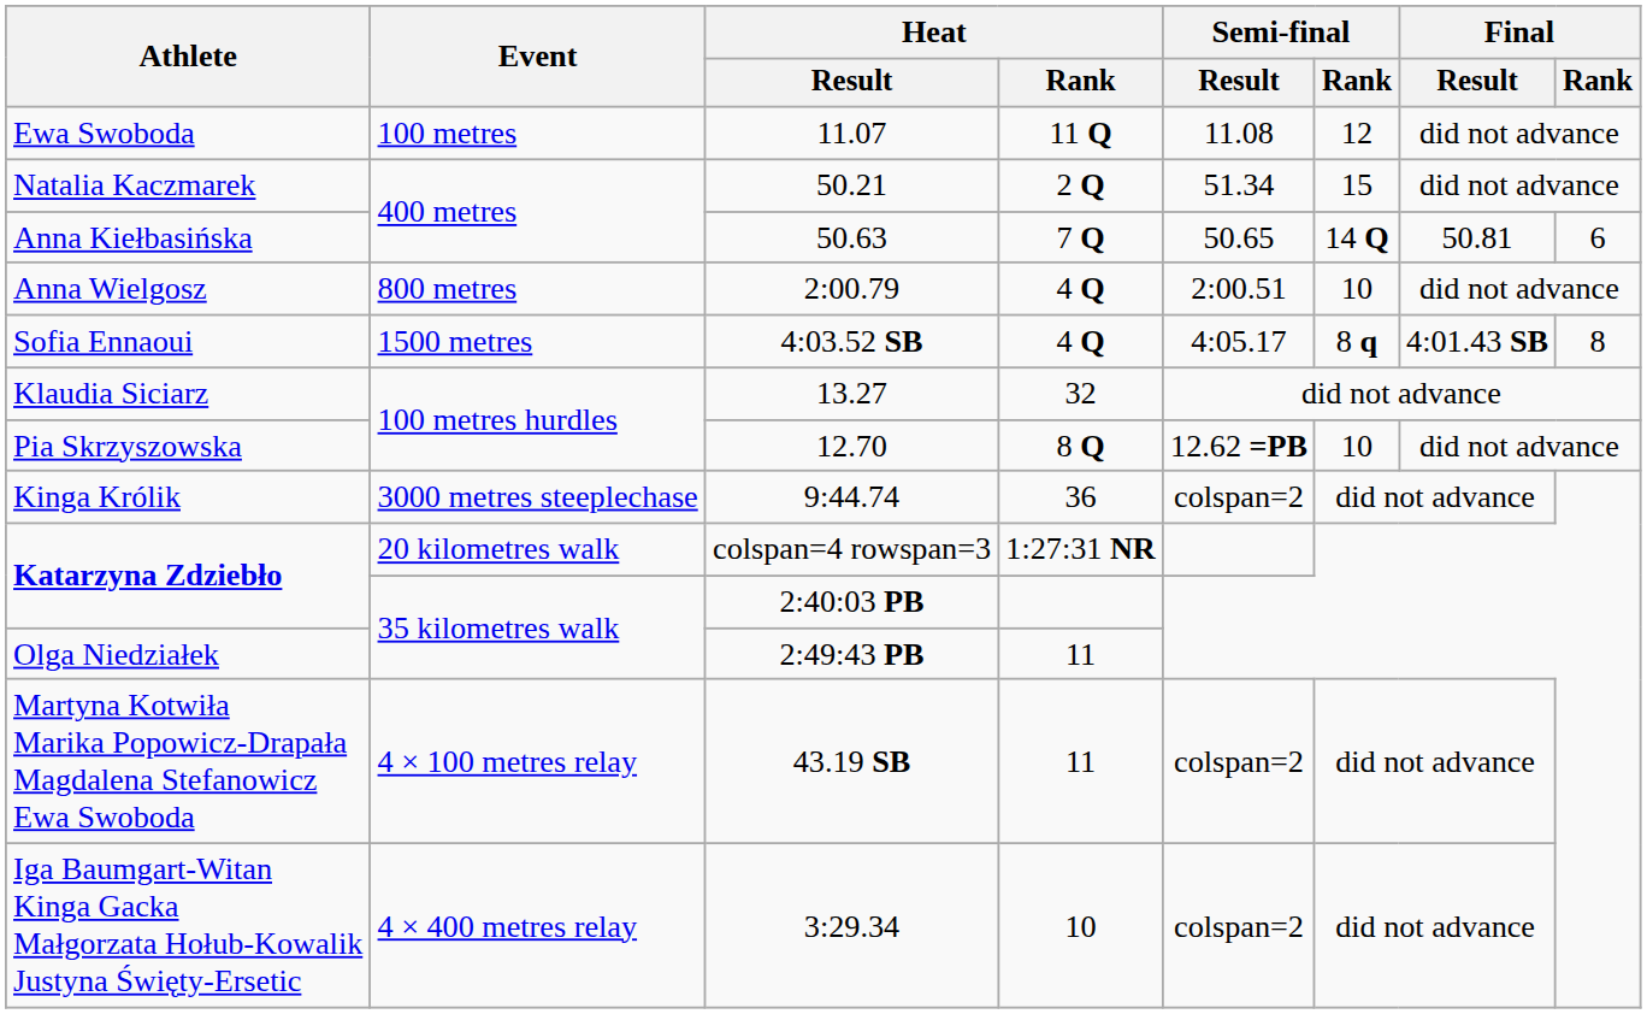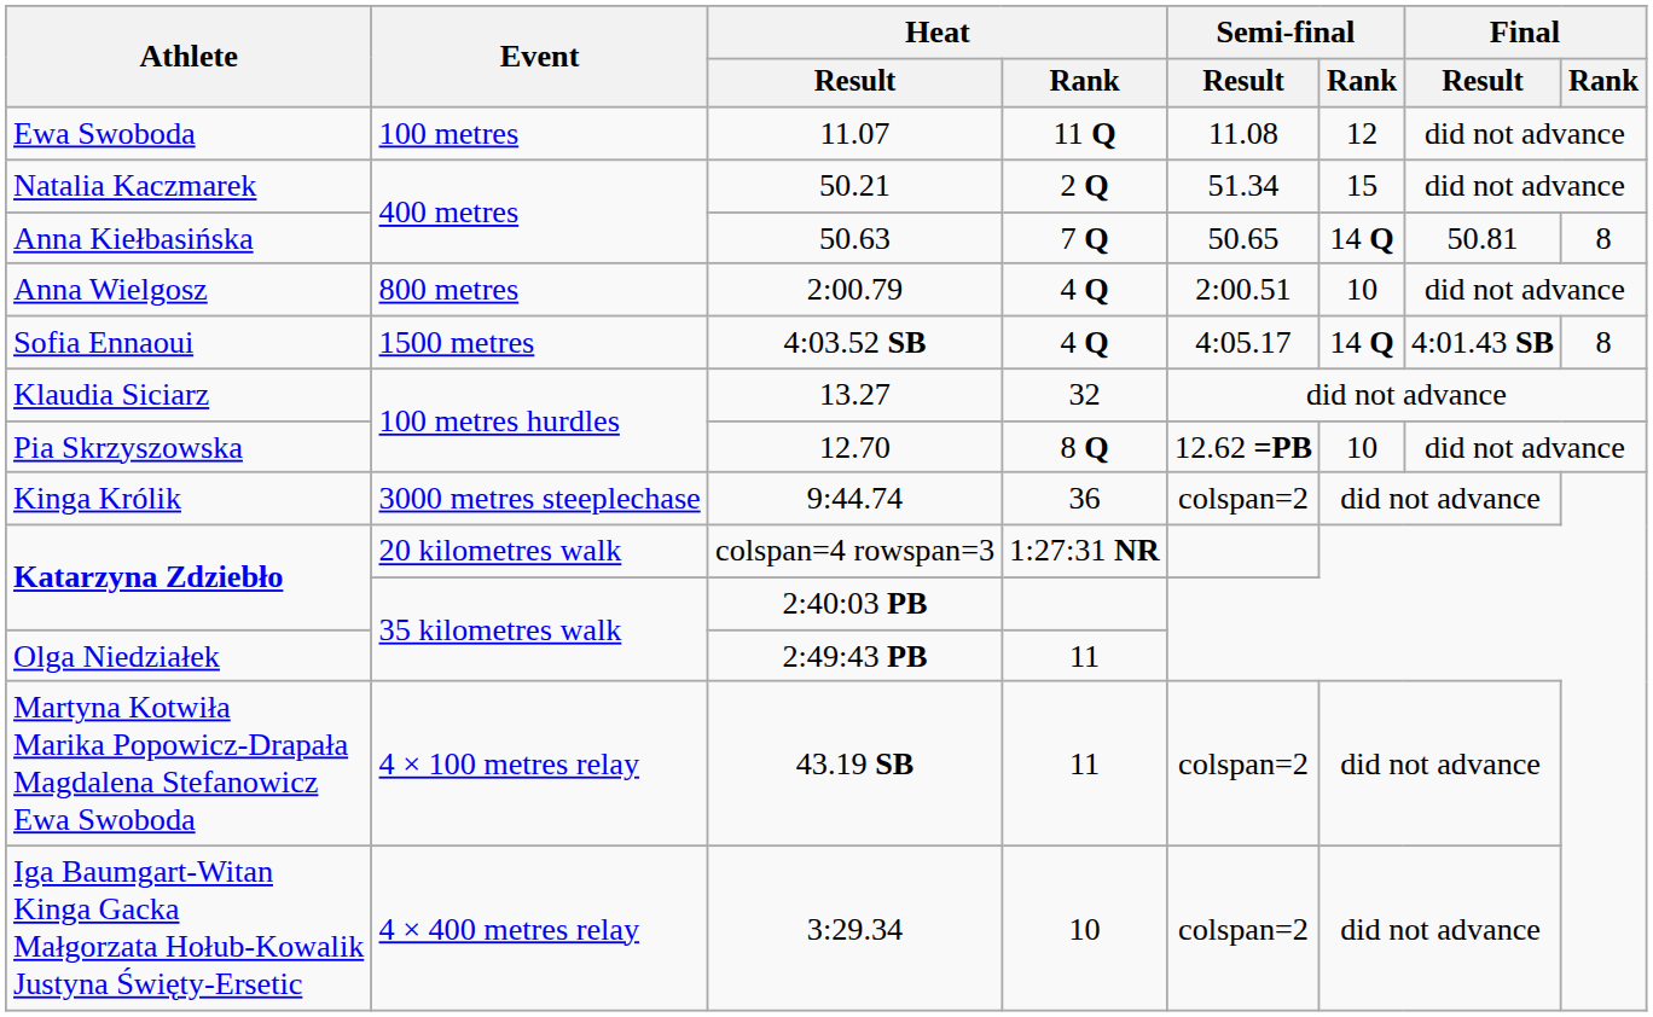 <table class="wikitable" style="text-align:center; font-size:90%">
 <tr>
 <th rowspan="2">Athlete</th>
 <th rowspan="2">Event</th>
 <th colspan="2">Heat</th>
 <th colspan="2">Semi-final</th>
 <th colspan="2">Final</th>
 </tr>
 <tr style="font-size:95%">
 <th>Result</th>
 <th>Rank</th>
 <th>Result</th>
 <th>Rank</th>
 <th>Result</th>
 <th>Rank</th>
 </tr>
 <tr>
 <td style="text-align:left"><a href='#'>Ewa Swoboda</a></td>
 <td style="text-align:left"><a href='#'>100 metres</a></td>
 <td>11.07</td>
 <td>11 <strong>Q</strong></td>
 <td>11.08</td>
 <td>12</td>
 <td colspan=2>did not advance</td>
 </tr>
 <tr>
 <td style="text-align:left"><a href='#'>Natalia Kaczmarek</a></td>
 <td rowspan=2 style="text-align:left"><a href='#'>400 metres</a></td>
 <td>50.21</td>
 <td>2 <strong>Q</strong></td>
 <td>51.34</td>
 <td>15</td>
 <td colspan=2>did not advance</td>
 </tr>
 <tr>
 <td style="text-align:left"><a href='#'>Anna Kiełbasińska</a></td>
 <td>50.63</td>
 <td>7 <strong>Q</strong></td>
 <td>50.65</td>
 <td>14 <strong>Q</strong></td>
 <td>50.81</td>
-<td>6</td>
+<td>8</td>
 </tr>
 <tr>
 <td style="text-align:left"><a href='#'>Anna Wielgosz</a></td>
 <td style="text-align:left"><a href='#'>800 metres</a></td>
 <td>2:00.79</td>
 <td>4 <strong>Q</strong></td>
 <td>2:00.51</td>
 <td>10</td>
 <td colspan=2>did not advance</td>
 </tr>
 <tr>
 <td style="text-align:left"><a href='#'>Sofia Ennaoui</a></td>
 <td style="text-align:left"><a href='#'>1500 metres</a></td>
 <td>4:03.52 <strong>SB</strong></td>
 <td>4 <strong>Q</strong></td>
 <td>4:05.17</td>
-<td>8 <strong>q</strong></td>
+<td>14 <strong>Q</strong></td>
 <td>4:01.43 <strong>SB</strong></td>
 <td>8</td>
 </tr>
 <tr>
 <td style="text-align:left"><a href='#'>Klaudia Siciarz</a></td>
 <td rowspan=2 style="text-align:left"><a href='#'>100 metres hurdles</a></td>
 <td>13.27</td>
 <td>32</td>
 <td colspan=4>did not advance</td>
 </tr>
 <tr>
 <td style="text-align:left"><a href='#'>Pia Skrzyszowska</a></td>
 <td>12.70</td>
 <td>8 <strong>Q</strong></td>
 <td>12.62 <strong>=PB</strong></td>
 <td>10</td>
 <td colspan=2>did not advance</td>
 </tr>
 <tr>
 <td style="text-align:left"><a href='#'>Kinga Królik</a></td>
 <td style="text-align:left"><a href='#'>3000 metres steeplechase</a></td>
 <td>9:44.74</td>
 <td>36</td>
 <td>colspan=2 </td>
 <td colspan=2>did not advance</td>
 </tr>
 <tr>
 <td rowspan=2 style="text-align:left"><strong><a href='#'>Katarzyna Zdziebło</a></strong></td>
 <td style="text-align:left"><a href='#'>20 kilometres walk</a></td>
 <td>colspan=4 rowspan=3 </td>
 <td>1:27:31 <strong>NR</strong></td>
 <td></td>
 </tr>
 <tr>
 <td rowspan=2 style="text-align:left"><a href='#'>35 kilometres walk</a></td>
 <td>2:40:03 <strong>PB</strong></td>
 <td></td>
 </tr>
 <tr>
 <td style="text-align:left"><a href='#'>Olga Niedziałek</a></td>
 <td>2:49:43 <strong>PB</strong></td>
 <td>11</td>
 </tr>
 <tr>
 <td style="text-align:left"><a href='#'>Martyna Kotwiła</a><br><a href='#'>Marika Popowicz-Drapała</a><br><a href='#'>Magdalena Stefanowicz</a><br><a href='#'>Ewa Swoboda</a></td>
 <td style="text-align:left"><a href='#'>4 × 100 metres relay</a></td>
 <td>43.19 <strong>SB</strong></td>
 <td>11</td>
 <td>colspan=2 </td>
 <td colspan=2>did not advance</td>
 </tr>
 <tr>
 <td style="text-align:left"><a href='#'>Iga Baumgart-Witan</a><br><a href='#'>Kinga Gacka</a><br><a href='#'>Małgorzata Hołub-Kowalik</a><br><a href='#'>Justyna Święty-Ersetic</a></td>
 <td style="text-align:left"><a href='#'>4 × 400 metres relay</a></td>
 <td>3:29.34</td>
 <td>10</td>
 <td>colspan=2 </td>
 <td colspan=2>did not advance</td>
 </tr>
 </table>
